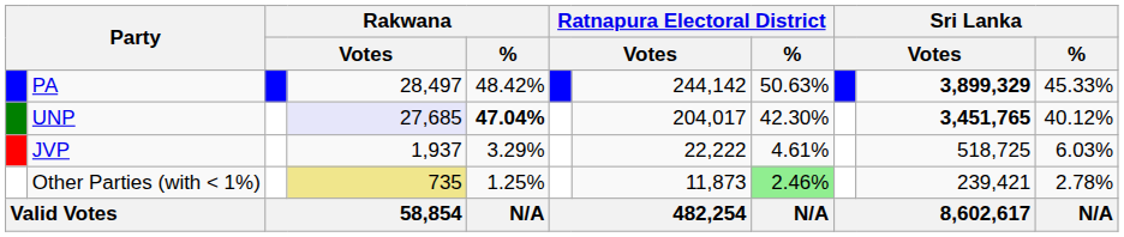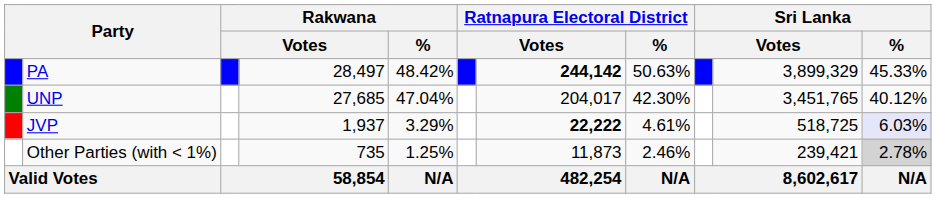 <table class="wikitable">
 <tr>
 <th colspan="2" width="144px"rowspan="2">Party</th>
 <th colspan="3" width="216px">Rakwana</th>
 <th colspan="3" width="216px"><a href='#'>Ratnapura Electoral District</a></th>
 <th colspan="3" width="216px">Sri Lanka</th>
 </tr>
 <tr>
 <th colspan="2" width="144px">Votes</th>
 <th>%</th>
 <th colspan="2" width="144px">Votes</th>
 <th>%</th>
 <th colspan="2" width="144px">Votes</th>
 <th>%</th>
 </tr>
 <tr>
 <td style="background-color:blue;" width="10px"></td>
 <td style="text-align:left;"><a href='#'>PA</a></td>
 <td style="background-color:blue;" width="10px"></td>
 <td style="text-align:right;">28,497</td>
 <td style="text-align:right;">48.42%</td>
 <td style="background-color:blue;" width="10px"></td>
-<td style="text-align:right;">244,142</td>
+<td style="text-align:right;"><strong>244,142</strong></td>
 <td style="text-align:right;">50.63%</td>
 <td style="background-color:blue;" width="10px"></td>
-<td style="text-align:right;"><strong>3,899,329</strong></td>
+<td style="text-align:right;">3,899,329</td>
 <td style="text-align:right;">45.33%</td>
 </tr>
 <tr>
 <td style="background-color:green;" width="10px"></td>
 <td style="text-align:left;"><a href='#'>UNP</a></td>
 <td style="background-color:white;" width="10px"></td>
-<td style="background: lavender; text-align:right;">27,685</td>
-<td style="text-align:right;"><strong>47.04%</strong></td>
+<td style="text-align:right;">27,685</td>
+<td style="text-align:right;">47.04%</td>
 <td style="background-color:white;" width="10px"></td>
 <td style="text-align:right;">204,017</td>
 <td style="text-align:right;">42.30%</td>
 <td style="background-color:white;" width="10px"></td>
-<td style="text-align:right;"><strong>3,451,765</strong></td>
+<td style="text-align:right;">3,451,765</td>
 <td style="text-align:right;">40.12%</td>
 </tr>
 <tr>
 <td style="background-color:red;" width="10px"></td>
 <td style="text-align:left;"><a href='#'>JVP</a></td>
 <td style="background-color:white;" width="10px"></td>
 <td style="text-align:right;">1,937</td>
 <td style="text-align:right;">3.29%</td>
 <td style="background-color:white;" width="10px"></td>
-<td style="text-align:right;">22,222</td>
+<td style="text-align:right;"><strong>22,222</strong></td>
 <td style="text-align:right;">4.61%</td>
 <td style="background-color:white;" width="10px"></td>
 <td style="text-align:right;">518,725</td>
-<td style="text-align:right;">6.03%</td>
+<td style="background: lavender; text-align:right;">6.03%</td>
 </tr>
 <tr>
 <td style="background-color:white;" width="10px"></td>
 <td style="text-align:left;">Other Parties (with < 1%)</td>
 <td style="background-color:white;" width="10px"></td>
-<td style="background: khaki; text-align:right;">735</td>
+<td style="text-align:right;">735</td>
 <td style="text-align:right;">1.25%</td>
 <td style="background-color:white;" width="10px"></td>
 <td style="text-align:right;">11,873</td>
-<td style="background: lightgreen; text-align:right;">2.46%</td>
+<td style="text-align:right;">2.46%</td>
 <td style="background-color:white;" width="10px"></td>
 <td style="text-align:right;">239,421</td>
-<td style="text-align:right;">2.78%</td>
+<td style="background: lightgrey; text-align:right;">2.78%</td>
 </tr>
 <tr>
 <th colspan="2" width="144px"style="text-align:left;">Valid Votes</th>
 <th style="text-align:right;"colspan="2" width="144px">58,854</th>
 <th style="text-align:right;">N/A</th>
 <th style="text-align:right;"colspan="2" width="144px">482,254</th>
 <th style="text-align:right;">N/A</th>
 <th style="text-align:right;"colspan="2" width="144px">8,602,617</th>
 <th style="text-align:right;">N/A</th>
 </tr>
 </table>
